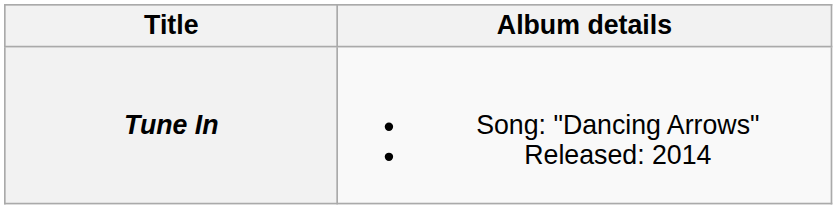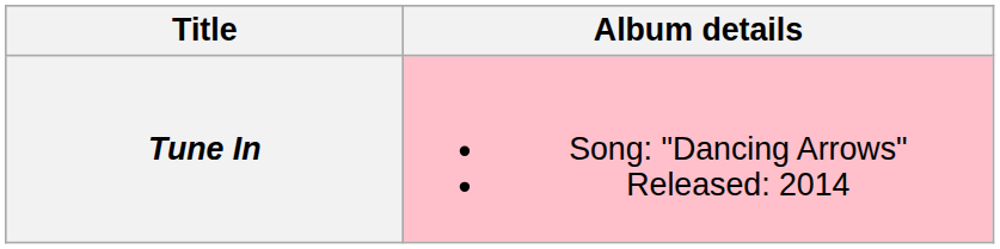 <table class="wikitable plainrowheaders" style="text-align:center;">
 <tr>
 <th scope="col" style="width:12em;">Title</th>
 <th scope="col" style="width:18em;">Album details</th>
 </tr>
 <tr>
 <th scope="row"><em>Tune In</em></th>
-<td><br><ul><li>Song: "Dancing Arrows"</li><li>Released: 2014</li></ul></td>
+<td style="background: pink;"><br><ul><li>Song: "Dancing Arrows"</li><li>Released: 2014</li></ul></td>
 </tr>
 </table>
